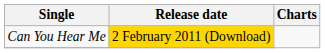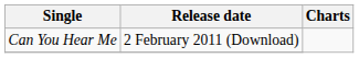 <table class="wikitable">
 <tr>
 <th>Single</th>
 <th>Release date</th>
 <th>Charts</th>
 </tr>
 <tr>
 <td><em>Can You Hear Me</em></td>
-<td style="background: gold;">2 February 2011 (Download)</td>
+<td>2 February 2011 (Download)</td>
 </tr>
 <tr>
 </tr>
 </table>
